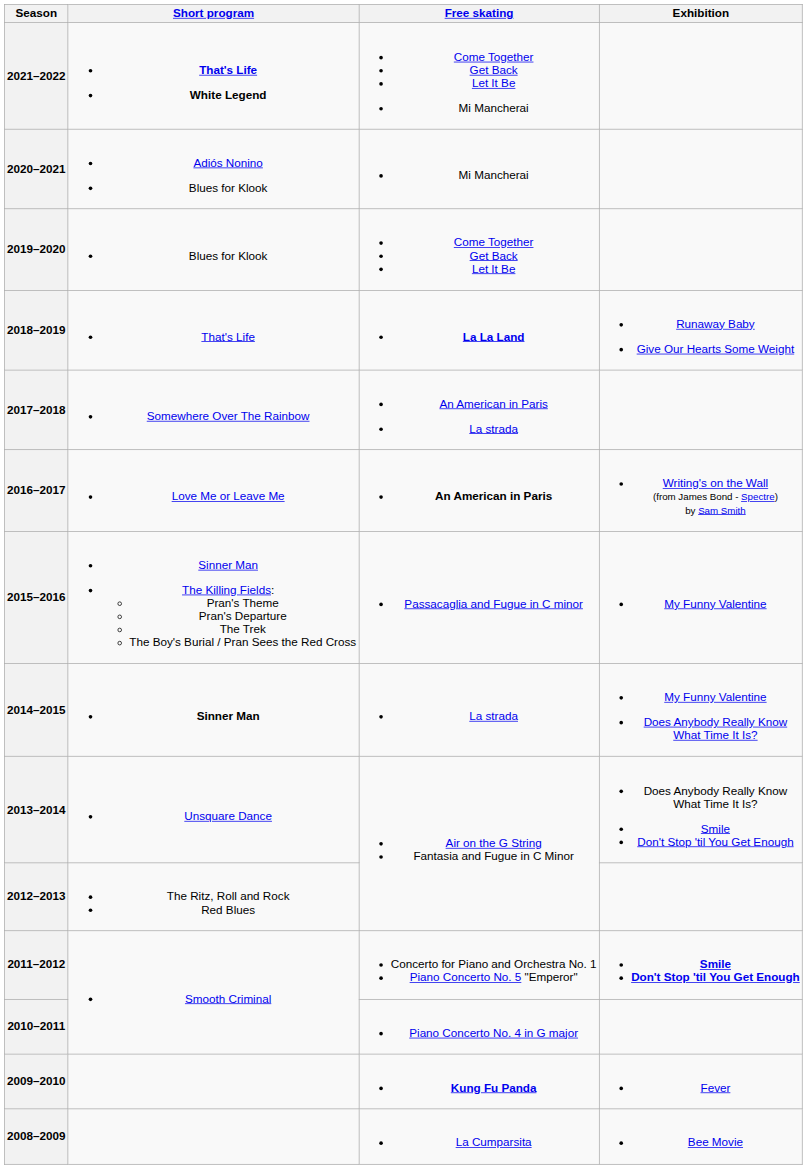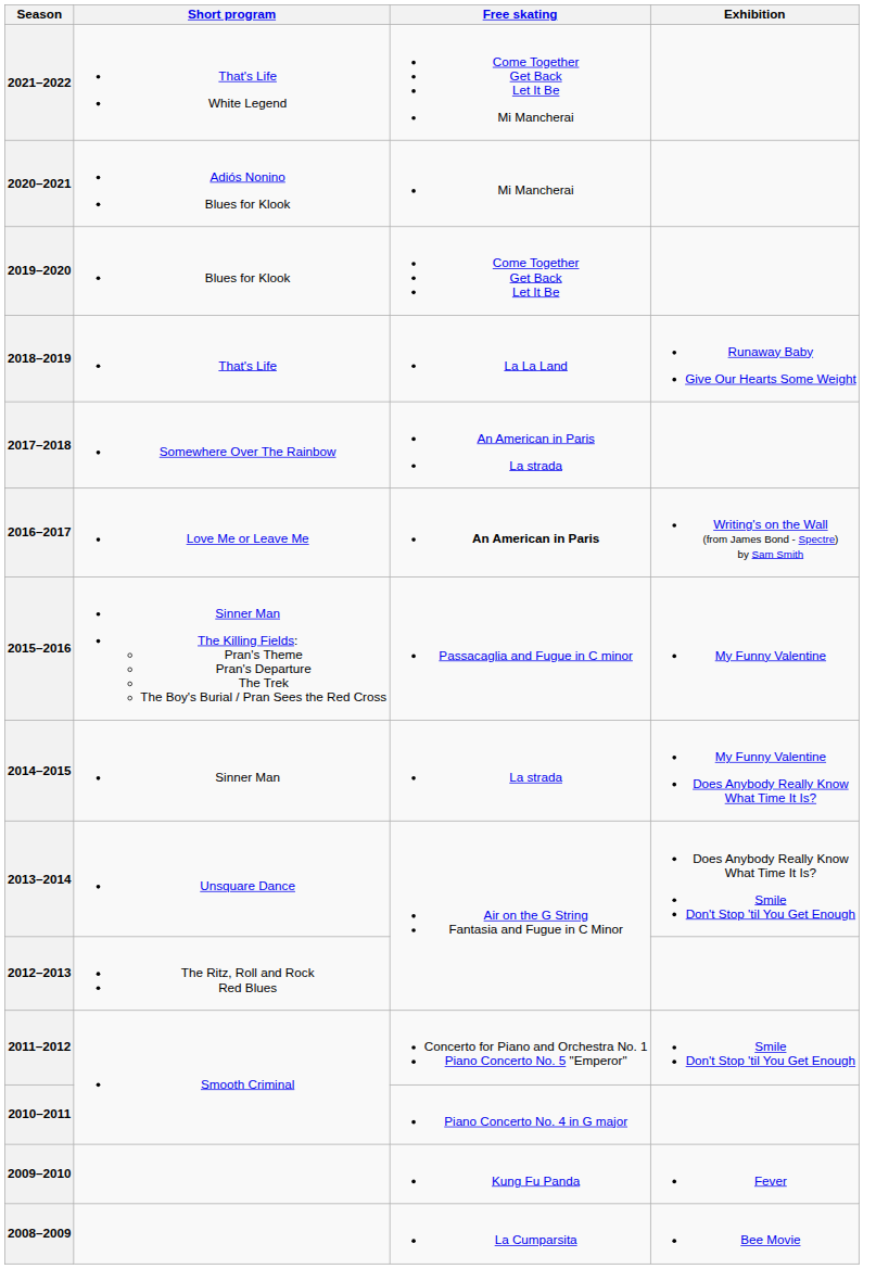 <table class=wikitable style=text-align:center>
 <tr>
 <th>Season</th>
 <th><a href='#'>Short program</a></th>
 <th><a href='#'>Free skating</a></th>
 <th>Exhibition</th>
 </tr>
 <tr>
 <th>2021–2022 <br> </th>
-<td><strong><br><ul><li><a href='#'>That's Life</a> <br> </li></ul><ul><li>White Legend <br> </li></ul></strong></td>
+<td><br><ul><li><a href='#'>That's Life</a> <br> </li></ul><ul><li>White Legend <br> </li></ul></td>
 <td><br><ul><li><a href='#'>Come Together</a></li><li><a href='#'>Get Back</a></li><li><a href='#'>Let It Be</a> <br> </li></ul><ul><li>Mi Mancherai <br> </li></ul></td>
 </tr>
 <tr>
 <th>2020–2021 <br> </th>
 <td><br><ul><li><a href='#'>Adiós Nonino</a> <br> </li></ul><ul><li>Blues for Klook <br> </li></ul></td>
 <td><br><ul><li>Mi Mancherai<br> </li></ul></td>
 <td></td>
 </tr>
 <tr>
 <th>2019–2020 <br> </th>
 <td><br><ul><li>Blues for Klook <br> </li></ul></td>
 <td><br><ul><li><a href='#'>Come Together</a></li><li><a href='#'>Get Back</a></li><li><a href='#'>Let It Be</a> <br> </li></ul></td>
 <td></td>
 </tr>
 <tr>
 <th>2018–2019 <br> </th>
 <td><br><ul><li><a href='#'>That's Life</a> <br> </li></ul></td>
-<td><strong><br><ul><li><a href='#'>La La Land</a> <br> </li></ul></strong></td>
+<td><br><ul><li><a href='#'>La La Land</a> <br> </li></ul></td>
 <td><br><ul><li><a href='#'>Runaway Baby</a> <br> </li></ul><ul><li><a href='#'>Give Our Hearts Some Weight</a> <br> </li></ul></td>
 </tr>
 <tr>
 <th>2017–2018 <br> </th>
 <td><br><ul><li><a href='#'>Somewhere Over The Rainbow</a> <br> </li></ul></td>
 <td><br><ul><li><a href='#'>An American in Paris</a> <br> </li></ul><ul><li><a href='#'>La strada</a> <br> </li></ul></td>
 <td></td>
 </tr>
 <tr>
 <th>2016–2017 <br> </th>
 <td><br><ul><li><a href='#'>Love Me or Leave Me</a> <br> </li></ul></td>
 <td><strong><br><ul><li>An American in Paris <br> </li></ul></strong></td>
 <td><br><ul><li><a href='#'>Writing's on the Wall</a> <br> <small>(from James Bond - <a href='#'>Spectre</a>) <br> by <a href='#'>Sam Smith</a></small></li></ul></td>
 </tr>
 <tr>
 <th>2015–2016 <br> </th>
 <td><br><ul><li><a href='#'>Sinner Man</a> <br> </li></ul><ul><li><a href='#'>The Killing Fields</a>:<ul><li>Pran's Theme</li><li>Pran's Departure</li><li>The Trek</li><li>The Boy's Burial / Pran Sees the Red Cross <br> </li></ul></li></ul></td>
 <td><br><ul><li><a href='#'>Passacaglia and Fugue in C minor</a> <br> </li></ul></td>
 <td><br><ul><li><a href='#'>My Funny Valentine</a> <br> </li></ul></td>
 </tr>
 <tr>
 <th>2014–2015 <br> </th>
-<td><strong><br><ul><li>Sinner Man <br> </li></ul></strong></td>
+<td><br><ul><li>Sinner Man <br> </li></ul></td>
 <td><br><ul><li><a href='#'>La strada</a> <br> </li></ul></td>
 <td><br><ul><li><a href='#'>My Funny Valentine</a> <br> </li></ul><ul><li><a href='#'>Does Anybody Really Know<br>What Time It Is?</a> <br> </li></ul></td>
 </tr>
 <tr>
 <th>2013–2014 <br> </th>
 <td><br><ul><li><a href='#'>Unsquare Dance</a> <br> </li></ul></td>
 <td rowspan=2><br><ul><li><a href='#'>Air on the G String</a> <br> </li><li>Fantasia and Fugue in C Minor <br> </li></ul></td>
 <td><br><ul><li>Does Anybody Really Know <br> What Time It Is?  <br> </li></ul><ul><li><a href='#'>Smile</a> <br> </li><li><a href='#'>Don't Stop 'til You Get Enough</a> <br> </li></ul></td>
 </tr>
 <tr>
 <th>2012–2013 <br> </th>
 <td><br><ul><li>The Ritz, Roll and Rock <br> </li><li>Red Blues <br> </li></ul></td>
 <td></td>
 </tr>
 <tr>
 <th>2011–2012 <br> </th>
 <td rowspan=2><br><ul><li><a href='#'>Smooth Criminal</a> <br> </li></ul></td>
 <td><br><ul><li>Concerto for Piano and Orchestra No. 1 <br> </li><li><a href='#'>Piano Concerto No. 5</a> "Emperor" <br> </li></ul></td>
-<td><strong><br><ul><li><a href='#'>Smile</a> <br> </li><li><a href='#'>Don't Stop 'til You Get Enough</a> <br> </li></ul></strong></td>
+<td><br><ul><li><a href='#'>Smile</a> <br> </li><li><a href='#'>Don't Stop 'til You Get Enough</a> <br> </li></ul></td>
 </tr>
 <tr>
 <th>2010–2011 <br> </th>
 <td><br><ul><li><a href='#'>Piano Concerto No. 4 in G major</a> <br> </li></ul></td>
 <td></td>
 </tr>
 <tr>
 <th>2009–2010 <br> </th>
 <td></td>
-<td><strong><br><ul><li><a href='#'>Kung Fu Panda</a> <br> </li></ul></strong></td>
+<td><br><ul><li><a href='#'>Kung Fu Panda</a> <br> </li></ul></td>
 <td><br><ul><li><a href='#'>Fever</a> <br> </li></ul></td>
 </tr>
 <tr>
 <th>2008–2009 <br> </th>
 <td></td>
 <td><br><ul><li><a href='#'>La Cumparsita</a> <br> </li></ul></td>
 <td><br><ul><li><a href='#'>Bee Movie</a> <br> </li></ul></td>
 </tr>
 </table>
